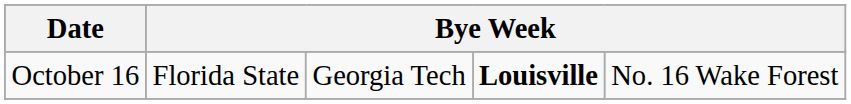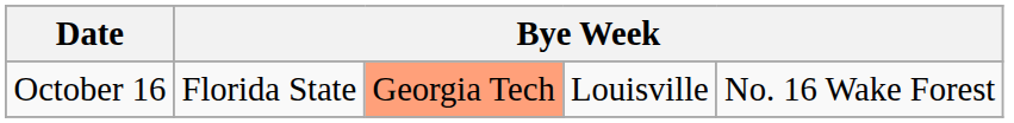 <table class="wikitable" style="font-size:95%;">
 <tr>
 <th>Date</th>
 <th colspan="5">Bye Week</th>
 </tr>
 <tr>
 <td>October 16</td>
 <td>Florida State</td>
-<td>Georgia Tech</td>
-<td><strong>Louisville</strong></td>
+<td style="background: lightsalmon;">Georgia Tech</td>
+<td>Louisville</td>
 <td>No. 16 Wake Forest</td>
 </tr>
 </table>
